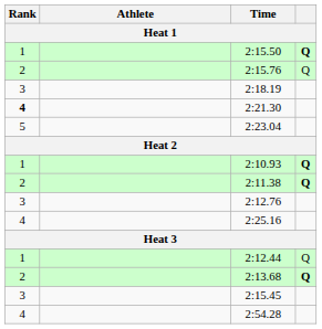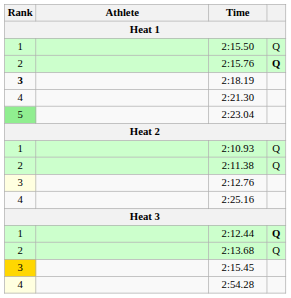 <table class=wikitable style="text-align:center">
 <tr>
 <th width=40>Rank</th>
 <th width=250>Athlete</th>
 <th width=80>Time</th>
 <th width=20></th>
 </tr>
 <tr>
 <th colspan=4>Heat 1</th>
 </tr>
 <tr bgcolor="ccffcc">
 <td>1</td>
 <td align=left></td>
 <td>2:15.50</td>
-<td><strong>Q</strong></td>
+<td>Q</td>
 </tr>
 <tr bgcolor="ccffcc">
 <td>2</td>
 <td align=left></td>
 <td>2:15.76</td>
-<td>Q</td>
+<td><strong>Q</strong></td>
 </tr>
 <tr>
-<td>3</td>
+<td><strong>3</strong></td>
 <td align=left></td>
 <td>2:18.19</td>
 <td></td>
 </tr>
 <tr>
-<td><strong>4</strong></td>
+<td>4</td>
 <td align=left></td>
 <td>2:21.30</td>
 <td></td>
 </tr>
 <tr>
-<td>5</td>
+<td style="background: lightgreen;">5</td>
 <td align=left></td>
 <td>2:23.04</td>
 <td></td>
 </tr>
 <tr>
 <th colspan=4>Heat 2</th>
 </tr>
 <tr bgcolor="ccffcc">
 <td>1</td>
 <td align=left></td>
 <td>2:10.93</td>
-<td><strong>Q</strong></td>
+<td>Q</td>
 </tr>
 <tr bgcolor="ccffcc">
 <td>2</td>
 <td align=left></td>
 <td>2:11.38</td>
-<td><strong>Q</strong></td>
+<td>Q</td>
 </tr>
 <tr>
-<td>3</td>
+<td style="background: lightyellow;">3</td>
 <td align=left></td>
 <td>2:12.76</td>
 <td></td>
 </tr>
 <tr>
 <td>4</td>
 <td align=left></td>
 <td>2:25.16</td>
 <td></td>
 </tr>
 <tr>
 <th colspan=4>Heat 3</th>
 </tr>
 <tr bgcolor="ccffcc">
 <td>1</td>
 <td align=left></td>
 <td>2:12.44</td>
-<td>Q</td>
+<td><strong>Q</strong></td>
 </tr>
 <tr bgcolor="ccffcc">
 <td>2</td>
 <td align=left></td>
 <td>2:13.68</td>
-<td><strong>Q</strong></td>
+<td>Q</td>
 </tr>
 <tr>
-<td>3</td>
+<td style="background: gold;">3</td>
 <td align=left></td>
 <td>2:15.45</td>
 <td></td>
 </tr>
 <tr>
-<td>4</td>
+<td style="background: lightyellow;">4</td>
 <td align=left></td>
 <td>2:54.28</td>
 <td></td>
 </tr>
 </table>
